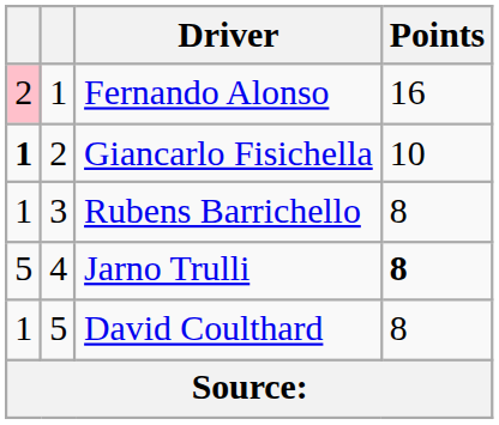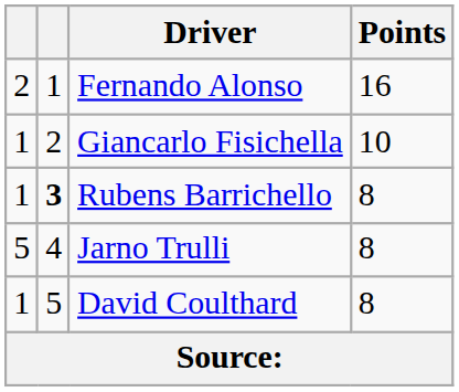 <table class="wikitable" style="font-size: 85%;">
 <tr>
 <th></th>
 <th></th>
 <th>Driver</th>
 <th>Points</th>
 </tr>
 <tr>
-<td style="background: pink;"> 2</td>
+<td> 2</td>
 <td align="center">1</td>
 <td> <a href='#'>Fernando Alonso</a></td>
 <td>16</td>
 </tr>
 <tr>
-<td><strong> 1</strong></td>
+<td> 1</td>
 <td align="center">2</td>
 <td> <a href='#'>Giancarlo Fisichella</a></td>
 <td>10</td>
 </tr>
 <tr>
 <td> 1</td>
-<td align="center">3</td>
+<td align="center"><strong>3</strong></td>
 <td> <a href='#'>Rubens Barrichello</a></td>
 <td>8</td>
 </tr>
 <tr>
 <td> 5</td>
 <td align="center">4</td>
 <td> <a href='#'>Jarno Trulli</a></td>
-<td><strong>8</strong></td>
+<td>8</td>
 </tr>
 <tr>
 <td> 1</td>
 <td align="center">5</td>
 <td> <a href='#'>David Coulthard</a></td>
 <td>8</td>
 </tr>
 <tr>
 <th colspan=4>Source:</th>
 </tr>
 </table>
